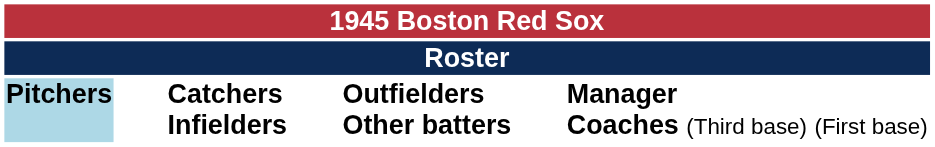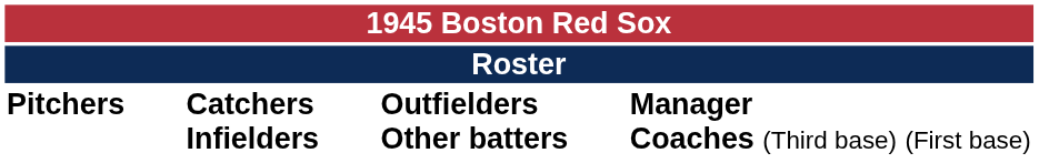 <table class="toccolours" style="text-align: left;">
 <tr>
 <th colspan="10" style="background-color: #ba313c; color: white; text-align: center;">1945 Boston Red Sox</th>
 </tr>
 <tr>
 <td colspan="10" style="background-color: #0d2b56; color: white; text-align: center;"><strong>Roster</strong></td>
 </tr>
 <tr>
-<td valign="top" style="background: lightblue;"><strong>Pitchers</strong><br>                </td>
+<td valign="top"><strong>Pitchers</strong><br>                </td>
 <td width="25px"></td>
 <td valign="top"><strong>Catchers</strong><br>     <strong>Infielders</strong>          </td>
 <td width="25px"></td>
 <td valign="top"><strong>Outfielders</strong><br>      <strong>Other batters</strong> </td>
 <td width="25px"></td>
 <td valign="top"><strong>Manager</strong><br> <strong>Coaches</strong>  <small>(Third base)</small>   <small>(First base)</small></td>
 </tr>
 <tr>
 </tr>
 </table>
